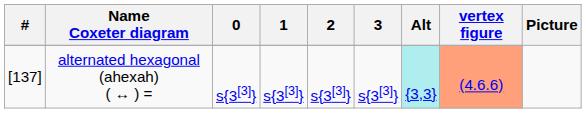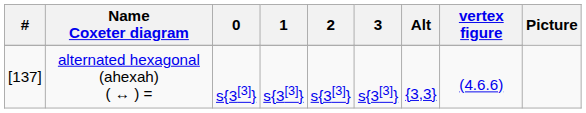 <table class=wikitable>
 <tr>
 <th>#</th>
 <th>Name<br><a href='#'>Coxeter diagram</a></th>
 <th>0</th>
 <th>1</th>
 <th>2</th>
 <th>3</th>
 <th>Alt</th>
 <th><a href='#'>vertex figure</a></th>
 <th>Picture</th>
 </tr>
 <tr align=center>
 </tr>
 <tr align=center>
 <td>[137]</td>
 <td><a href='#'>alternated hexagonal</a> (ahexah)<br>(  ↔  ) = </td>
 <td><br><br><a href='#'>s{3<sup>[3]</sup>}</a></td>
 <td><br><br><a href='#'>s{3<sup>[3]</sup>}</a></td>
 <td><br><br><a href='#'>s{3<sup>[3]</sup>}</a></td>
 <td><br><br><a href='#'>s{3<sup>[3]</sup>}</a></td>
-<td style="background: paleturquoise;"><br><br><a href='#'>{3,3}</a></td>
-<td style="background: lightsalmon;"> <br><a href='#'>(4.6.6)</a></td>
+<td><br><br><a href='#'>{3,3}</a></td>
+<td> <br><a href='#'>(4.6.6)</a></td>
 </tr>
 </table>
